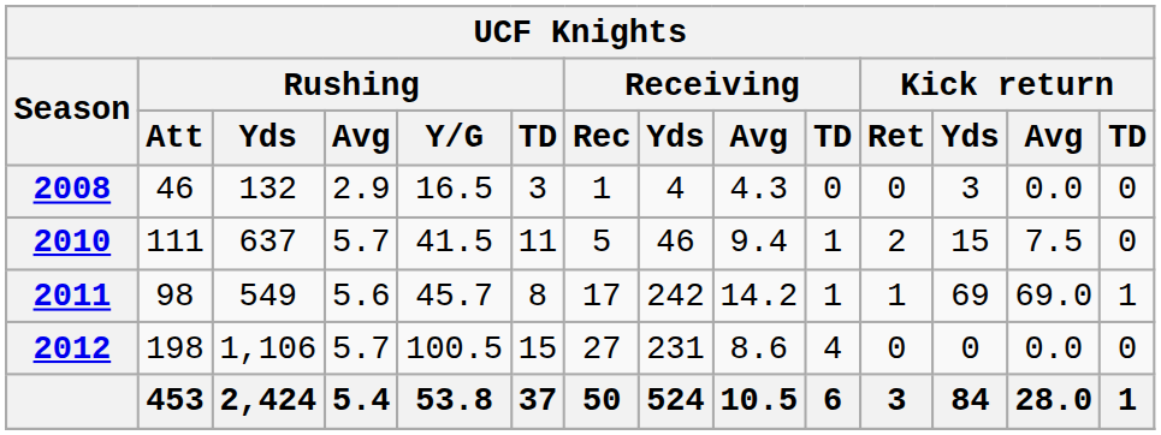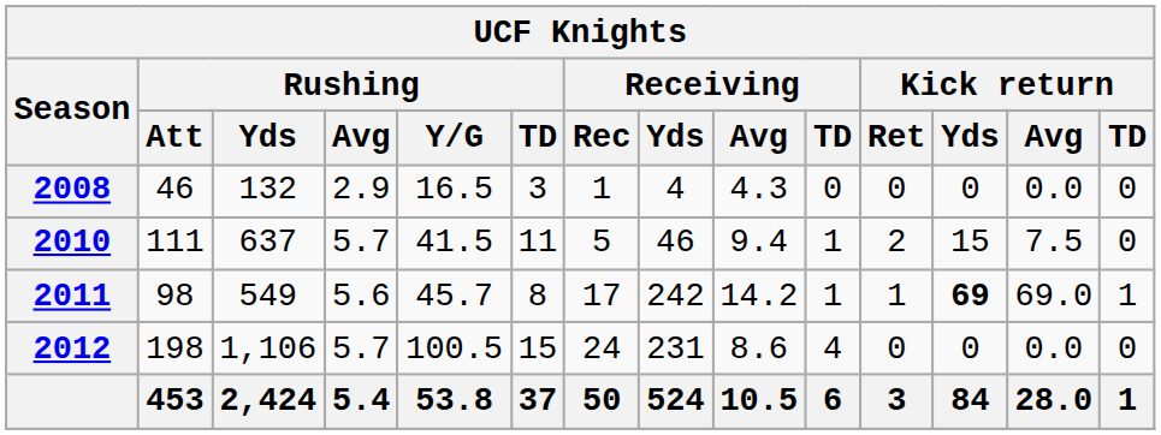 <table class="wikitable" style="text-align:center;">
 <tr>
 <th colspan="15">UCF Knights</th>
 </tr>
 <tr>
 <th rowspan="2">Season</th>
 <th colspan="5">Rushing</th>
 <th colspan="4">Receiving</th>
 <th colspan="4">Kick return</th>
 </tr>
 <tr>
 <th>Att</th>
 <th>Yds</th>
 <th>Avg</th>
 <th>Y/G</th>
 <th>TD</th>
 <th>Rec</th>
 <th>Yds</th>
 <th>Avg</th>
 <th>TD</th>
 <th>Ret</th>
 <th>Yds</th>
 <th>Avg</th>
 <th>TD</th>
 </tr>
 <tr>
 <th><a href='#'>2008</a></th>
 <td>46</td>
 <td>132</td>
 <td>2.9</td>
 <td>16.5</td>
 <td>3</td>
 <td>1</td>
 <td>4</td>
 <td>4.3</td>
 <td>0</td>
 <td>0</td>
-<td>3</td>
+<td>0</td>
 <td>0.0</td>
 <td>0</td>
 </tr>
 <tr>
 <th><a href='#'>2010</a></th>
 <td>111</td>
 <td>637</td>
 <td>5.7</td>
 <td>41.5</td>
 <td>11</td>
 <td>5</td>
 <td>46</td>
 <td>9.4</td>
 <td>1</td>
 <td>2</td>
 <td>15</td>
 <td>7.5</td>
 <td>0</td>
 </tr>
 <tr>
 <th><a href='#'>2011</a></th>
 <td>98</td>
 <td>549</td>
 <td>5.6</td>
 <td>45.7</td>
 <td>8</td>
 <td>17</td>
 <td>242</td>
 <td>14.2</td>
 <td>1</td>
 <td>1</td>
-<td>69</td>
+<td><strong>69</strong></td>
 <td>69.0</td>
 <td>1</td>
 </tr>
 <tr>
 <th><a href='#'>2012</a></th>
 <td>198</td>
 <td>1,106</td>
 <td>5.7</td>
 <td>100.5</td>
 <td>15</td>
-<td>27</td>
+<td>24</td>
 <td>231</td>
 <td>8.6</td>
 <td>4</td>
 <td>0</td>
 <td>0</td>
 <td>0.0</td>
 <td>0</td>
 </tr>
 <tr>
 <th></th>
 <th>453</th>
 <th>2,424</th>
 <th>5.4</th>
 <th>53.8</th>
 <th>37</th>
 <th>50</th>
 <th>524</th>
 <th>10.5</th>
 <th>6</th>
 <th>3</th>
 <th>84</th>
 <th>28.0</th>
 <th>1</th>
 </tr>
 <tr>
 </tr>
 </table>
